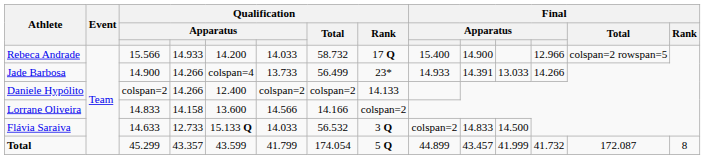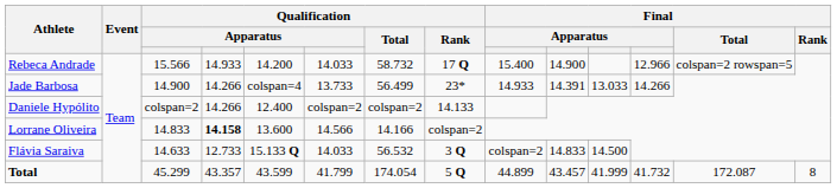 <table class="wikitable" style="font-size:90%">
 <tr>
 <th rowspan=3>Athlete</th>
 <th rowspan=3>Event</th>
 <th colspan=6>Qualification</th>
 <th colspan=6>Final</th>
 </tr>
 <tr style="font-size:95%">
 <th colspan=4>Apparatus</th>
 <th rowspan=2>Total</th>
 <th rowspan=2>Rank</th>
 <th colspan=4>Apparatus</th>
 <th rowspan=2>Total</th>
 <th rowspan=2>Rank</th>
 </tr>
 <tr style="font-size:95%">
 <th></th>
 <th></th>
 <th></th>
 <th></th>
 <th></th>
 <th></th>
 <th></th>
 <th></th>
 </tr>
 <tr align=center>
 <td align=left><a href='#'>Rebeca Andrade</a></td>
 <td align=left rowspan=6><a href='#'>Team</a></td>
 <td>15.566</td>
 <td>14.933</td>
 <td>14.200</td>
 <td>14.033</td>
 <td>58.732</td>
 <td>17 <strong>Q</strong></td>
 <td>15.400</td>
 <td>14.900</td>
 <td></td>
 <td>12.966</td>
 <td>colspan=2 rowspan=5 </td>
 </tr>
 <tr align=center>
 <td align=left><a href='#'>Jade Barbosa</a></td>
 <td>14.900</td>
 <td>14.266</td>
 <td>colspan=4 </td>
 <td>13.733</td>
 <td>56.499</td>
 <td>23*</td>
 <td>14.933</td>
 <td>14.391</td>
 <td>13.033</td>
 <td>14.266</td>
 </tr>
 <tr align=center>
 <td align=left><a href='#'>Daniele Hypólito</a></td>
 <td>colspan=2 </td>
 <td>14.266</td>
 <td>12.400</td>
 <td>colspan=2 </td>
 <td>colspan=2 </td>
 <td>14.133</td>
 <td></td>
 </tr>
 <tr align=center>
 <td align=left><a href='#'>Lorrane Oliveira</a></td>
 <td>14.833</td>
-<td>14.158</td>
+<td><strong>14.158</strong></td>
 <td>13.600</td>
 <td>14.566</td>
 <td>14.166</td>
 <td>colspan=2 </td>
 </tr>
 <tr align=center>
 <td align=left><a href='#'>Flávia Saraiva</a></td>
 <td>14.633</td>
 <td>12.733</td>
 <td>15.133 <strong>Q</strong></td>
 <td>14.033</td>
 <td>56.532</td>
 <td>3 <strong>Q</strong></td>
 <td>colspan=2 </td>
 <td>14.833</td>
 <td>14.500</td>
 </tr>
 <tr align=center>
 <td align=left><strong>Total</strong></td>
 <td>45.299</td>
 <td>43.357</td>
 <td>43.599</td>
 <td>41.799</td>
 <td>174.054</td>
 <td>5 <strong>Q</strong></td>
 <td>44.899</td>
 <td>43.457</td>
 <td>41.999</td>
 <td>41.732</td>
 <td>172.087</td>
 <td>8</td>
 </tr>
 </table>
